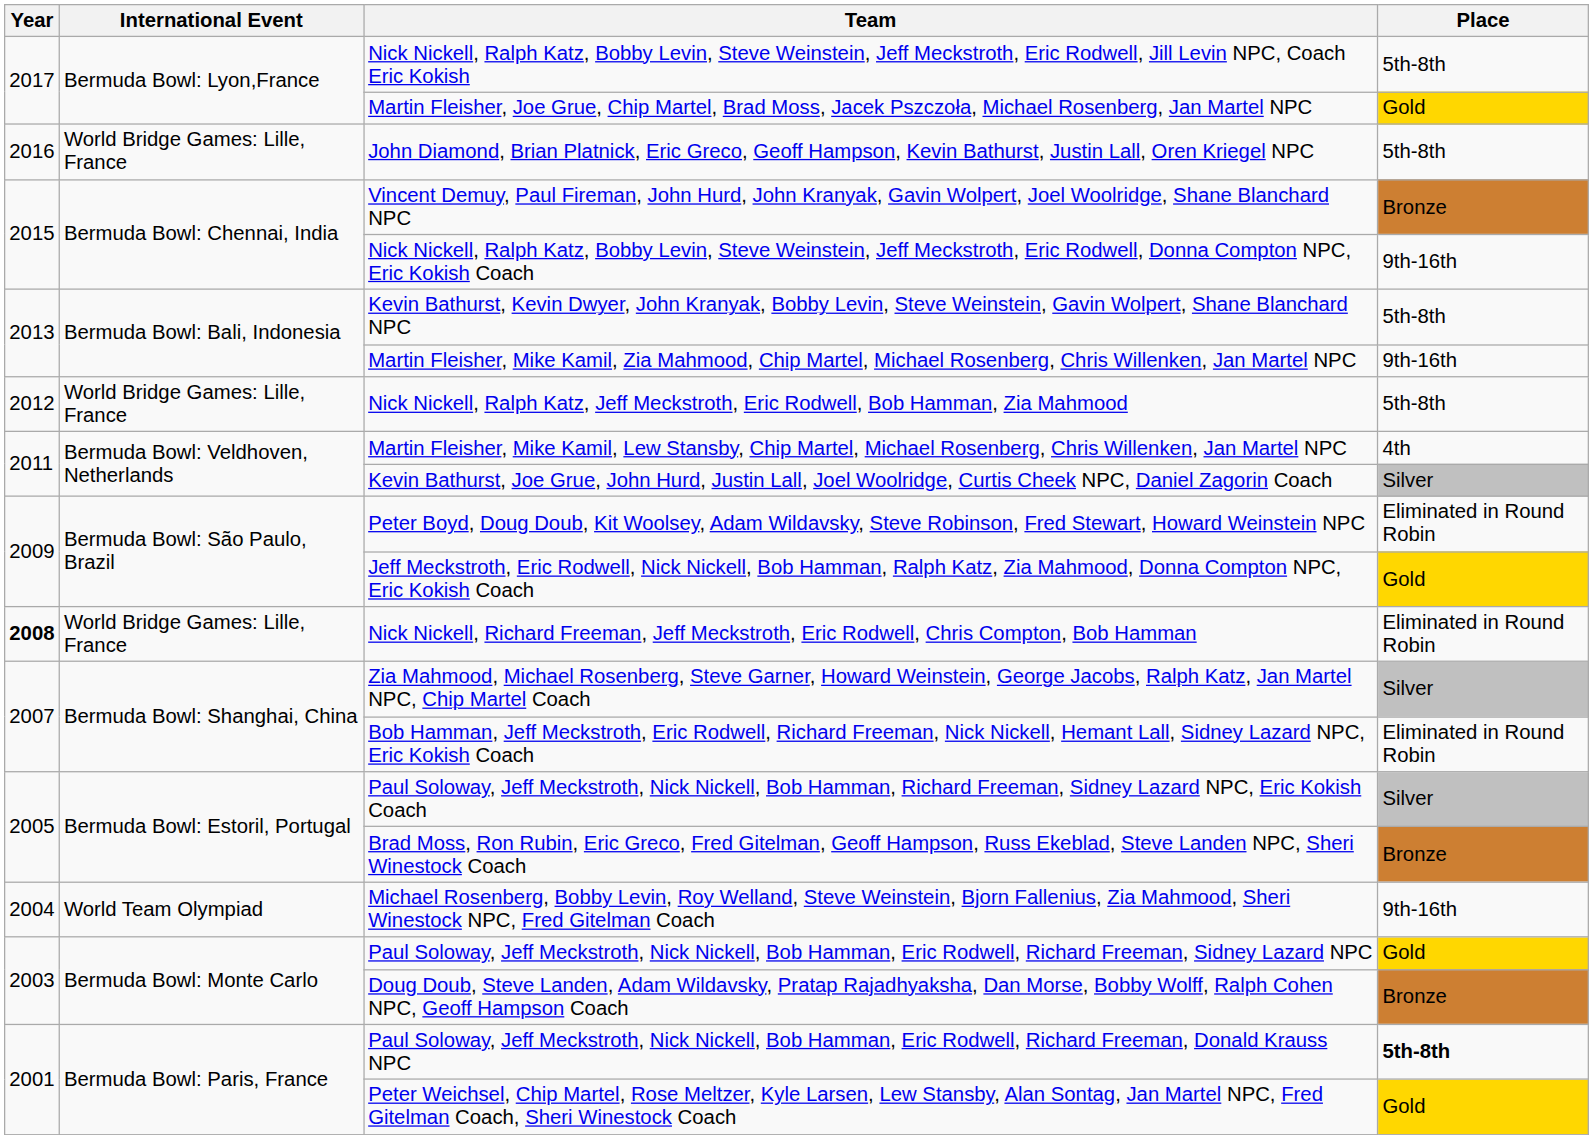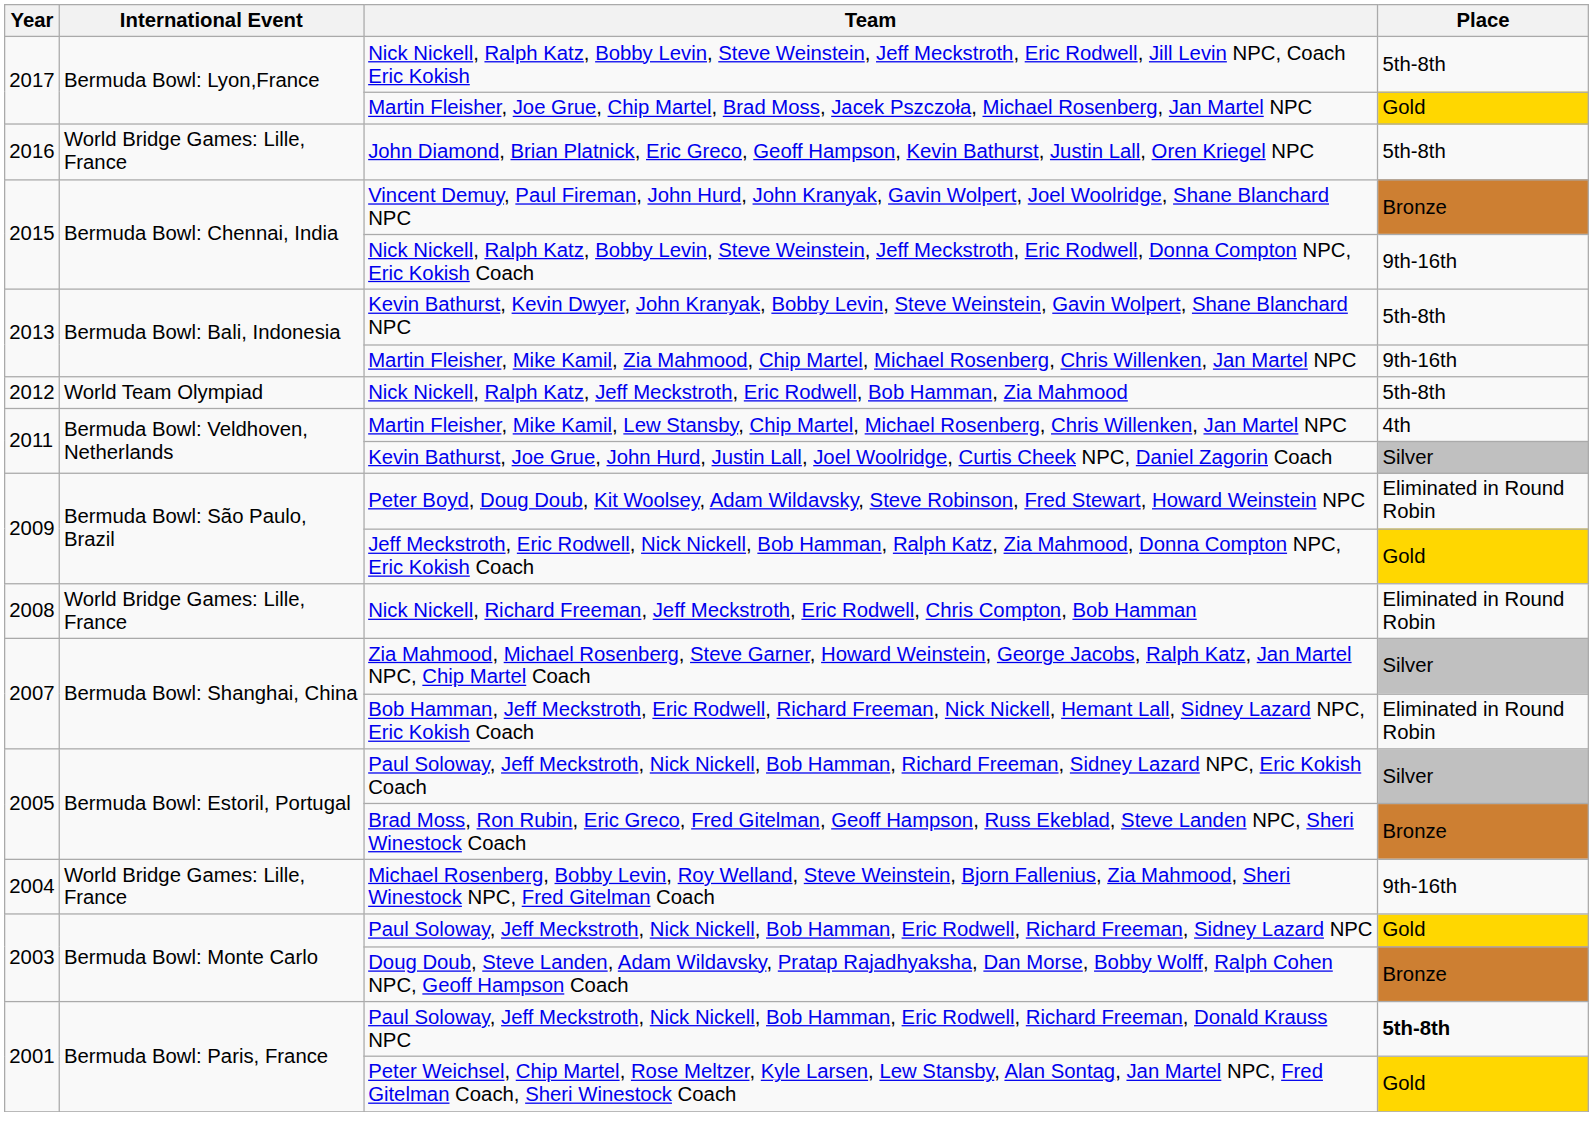 <table class=" sortable wikitable">
 <tr>
 <th>Year</th>
 <th>International Event</th>
 <th>Team</th>
 <th>Place</th>
 </tr>
 <tr>
 <td rowspan="2">2017</td>
 <td rowspan="2">Bermuda Bowl: Lyon,France</td>
 <td><a href='#'>Nick Nickell</a>, <a href='#'>Ralph Katz</a>, <a href='#'>Bobby Levin</a>, <a href='#'>Steve Weinstein</a>, <a href='#'>Jeff Meckstroth</a>, <a href='#'>Eric Rodwell</a>, <a href='#'>Jill Levin</a> NPC, Coach <a href='#'>Eric Kokish</a></td>
 <td>5th-8th </td>
 </tr>
 <tr>
 <td><a href='#'>Martin Fleisher</a>, <a href='#'>Joe Grue</a>, <a href='#'>Chip Martel</a>, <a href='#'>Brad Moss</a>, <a href='#'>Jacek Pszczoła</a>, <a href='#'>Michael Rosenberg</a>, <a href='#'>Jan Martel</a> NPC</td>
 <td style ='background:#FFD700'>Gold  </td>
 </tr>
 <tr>
 <td>2016</td>
 <td>World Bridge Games: Lille, France</td>
 <td><a href='#'>John Diamond</a>, <a href='#'>Brian Platnick</a>, <a href='#'>Eric Greco</a>, <a href='#'>Geoff Hampson</a>, <a href='#'>Kevin Bathurst</a>, <a href='#'>Justin Lall</a>, <a href='#'>Oren Kriegel</a> NPC</td>
 <td>5th-8th</td>
 </tr>
 <tr>
 <td rowspan="2">2015</td>
 <td rowspan="2">Bermuda Bowl: Chennai, India</td>
 <td><a href='#'>Vincent Demuy</a>, <a href='#'>Paul Fireman</a>, <a href='#'>John Hurd</a>, <a href='#'>John Kranyak</a>, <a href='#'>Gavin Wolpert</a>, <a href='#'>Joel Woolridge</a>, <a href='#'>Shane Blanchard</a> NPC</td>
 <td style = 'background:#CD7F32'>Bronze </td>
 </tr>
 <tr>
 <td><a href='#'>Nick Nickell</a>, <a href='#'>Ralph Katz</a>, <a href='#'>Bobby Levin</a>, <a href='#'>Steve Weinstein</a>, <a href='#'>Jeff Meckstroth</a>, <a href='#'>Eric Rodwell</a>, <a href='#'>Donna Compton</a> NPC, <a href='#'>Eric Kokish</a> Coach</td>
 <td>9th-16th</td>
 </tr>
 <tr>
 <td rowspan="2">2013</td>
 <td rowspan="2">Bermuda Bowl: Bali, Indonesia</td>
 <td><a href='#'>Kevin Bathurst</a>, <a href='#'>Kevin Dwyer</a>, <a href='#'>John Kranyak</a>, <a href='#'>Bobby Levin</a>, <a href='#'>Steve Weinstein</a>, <a href='#'>Gavin Wolpert</a>, <a href='#'>Shane Blanchard</a> NPC</td>
 <td>5th-8th</td>
 </tr>
 <tr>
 <td><a href='#'>Martin Fleisher</a>, <a href='#'>Mike Kamil</a>, <a href='#'>Zia Mahmood</a>, <a href='#'>Chip Martel</a>, <a href='#'>Michael Rosenberg</a>, <a href='#'>Chris Willenken</a>, <a href='#'>Jan Martel</a> NPC</td>
 <td>9th-16th</td>
 </tr>
 <tr>
 <td>2012</td>
-<td>World Bridge Games: Lille, France</td>
+<td>World Team Olympiad</td>
 <td><a href='#'>Nick Nickell</a>, <a href='#'>Ralph Katz</a>, <a href='#'>Jeff Meckstroth</a>, <a href='#'>Eric Rodwell</a>, <a href='#'>Bob Hamman</a>, <a href='#'>Zia Mahmood</a></td>
 <td>5th-8th</td>
 </tr>
 <tr>
 <td rowspan="2">2011</td>
 <td rowspan="2">Bermuda Bowl: Veldhoven, Netherlands </td>
 <td><a href='#'>Martin Fleisher</a>, <a href='#'>Mike Kamil</a>, <a href='#'>Lew Stansby</a>, <a href='#'>Chip Martel</a>, <a href='#'>Michael Rosenberg</a>, <a href='#'>Chris Willenken</a>, <a href='#'>Jan Martel</a> NPC</td>
 <td>4th</td>
 </tr>
 <tr>
 <td><a href='#'>Kevin Bathurst</a>, <a href='#'>Joe Grue</a>, <a href='#'>John Hurd</a>, <a href='#'>Justin Lall</a>, <a href='#'>Joel Woolridge</a>, <a href='#'>Curtis Cheek</a> NPC, <a href='#'>Daniel Zagorin</a> Coach</td>
 <td style = 'background:#C0C0C0'>Silver</td>
 </tr>
 <tr>
 <td rowspan="2">2009</td>
 <td rowspan="2">Bermuda Bowl: São Paulo, Brazil</td>
 <td><a href='#'>Peter Boyd</a>, <a href='#'>Doug Doub</a>, <a href='#'>Kit Woolsey</a>, <a href='#'>Adam Wildavsky</a>, <a href='#'>Steve Robinson</a>, <a href='#'>Fred Stewart</a>, <a href='#'>Howard Weinstein</a> NPC</td>
 <td>Eliminated in Round Robin </td>
 </tr>
 <tr>
 <td><a href='#'>Jeff Meckstroth</a>, <a href='#'>Eric Rodwell</a>, <a href='#'>Nick Nickell</a>, <a href='#'>Bob Hamman</a>, <a href='#'>Ralph Katz</a>, <a href='#'>Zia Mahmood</a>, <a href='#'>Donna Compton</a> NPC, <a href='#'>Eric Kokish</a> Coach</td>
 <td style ='background:#FFD700'>Gold  </td>
 </tr>
 <tr>
-<td><strong>2008</strong></td>
+<td>2008</td>
 <td>World Bridge Games: Lille, France</td>
 <td><a href='#'>Nick Nickell</a>, <a href='#'>Richard Freeman</a>, <a href='#'>Jeff Meckstroth</a>, <a href='#'>Eric Rodwell</a>, <a href='#'>Chris Compton</a>, <a href='#'>Bob Hamman</a></td>
 <td>Eliminated in Round Robin</td>
 </tr>
 <tr>
 <td rowspan="2">2007</td>
 <td rowspan="2">Bermuda Bowl: Shanghai, China</td>
 <td><a href='#'>Zia Mahmood</a>, <a href='#'>Michael Rosenberg</a>, <a href='#'>Steve Garner</a>, <a href='#'>Howard Weinstein</a>, <a href='#'>George Jacobs</a>, <a href='#'>Ralph Katz</a>, <a href='#'>Jan Martel</a> NPC, <a href='#'>Chip Martel</a> Coach</td>
 <td style = 'background:#C0C0C0'>Silver  </td>
 </tr>
 <tr>
 <td><a href='#'>Bob Hamman</a>, <a href='#'>Jeff Meckstroth</a>, <a href='#'>Eric Rodwell</a>, <a href='#'>Richard Freeman</a>, <a href='#'>Nick Nickell</a>, <a href='#'>Hemant Lall</a>, <a href='#'>Sidney Lazard</a> NPC, <a href='#'>Eric Kokish</a> Coach</td>
 <td>Eliminated in Round Robin </td>
 </tr>
 <tr>
 <td rowspan="2">2005</td>
 <td rowspan="2">Bermuda Bowl: Estoril, Portugal</td>
 <td><a href='#'>Paul Soloway</a>, <a href='#'>Jeff Meckstroth</a>, <a href='#'>Nick Nickell</a>, <a href='#'>Bob Hamman</a>, <a href='#'>Richard Freeman</a>, <a href='#'>Sidney Lazard</a> NPC, <a href='#'>Eric Kokish</a> Coach</td>
 <td style = 'background:#C0C0C0'>Silver  </td>
 </tr>
 <tr>
 <td><a href='#'>Brad Moss</a>, <a href='#'>Ron Rubin</a>, <a href='#'>Eric Greco</a>, <a href='#'>Fred Gitelman</a>, <a href='#'>Geoff Hampson</a>, <a href='#'>Russ Ekeblad</a>, <a href='#'>Steve Landen</a> NPC, <a href='#'>Sheri Winestock</a> Coach</td>
 <td style = 'background:#CD7F32'>Bronze  </td>
 </tr>
 <tr>
 <td>2004</td>
-<td>World Team Olympiad</td>
+<td>World Bridge Games: Lille, France</td>
 <td><a href='#'>Michael Rosenberg</a>, <a href='#'>Bobby Levin</a>, <a href='#'>Roy Welland</a>, <a href='#'>Steve Weinstein</a>, <a href='#'>Bjorn Fallenius</a>, <a href='#'>Zia Mahmood</a>, <a href='#'>Sheri Winestock</a> NPC, <a href='#'>Fred Gitelman</a> Coach </td>
 <td>9th-16th</td>
 </tr>
 <tr>
 <td rowspan="2">2003</td>
 <td rowspan="2">Bermuda Bowl: Monte Carlo</td>
 <td><a href='#'>Paul Soloway</a>, <a href='#'>Jeff Meckstroth</a>, <a href='#'>Nick Nickell</a>, <a href='#'>Bob Hamman</a>, <a href='#'>Eric Rodwell</a>, <a href='#'>Richard Freeman</a>, <a href='#'>Sidney Lazard</a> NPC</td>
 <td style ='background:#FFD700'>Gold  </td>
 </tr>
 <tr>
 <td><a href='#'>Doug Doub</a>, <a href='#'>Steve Landen</a>, <a href='#'>Adam Wildavsky</a>, <a href='#'>Pratap Rajadhyaksha</a>, <a href='#'>Dan Morse</a>, <a href='#'>Bobby Wolff</a>, <a href='#'>Ralph Cohen</a> NPC, <a href='#'>Geoff Hampson</a> Coach</td>
 <td style = 'background:#CD7F32'>Bronze </td>
 </tr>
 <tr>
 <td rowspan="2">2001</td>
 <td rowspan="2">Bermuda Bowl: Paris, France</td>
 <td><a href='#'>Paul Soloway</a>, <a href='#'>Jeff Meckstroth</a>, <a href='#'>Nick Nickell</a>, <a href='#'>Bob Hamman</a>, <a href='#'>Eric Rodwell</a>, <a href='#'>Richard Freeman</a>, <a href='#'>Donald Krauss</a> NPC</td>
 <td><strong>5th-8th</strong></td>
 </tr>
 <tr>
 <td><a href='#'>Peter Weichsel</a>, <a href='#'>Chip Martel</a>, <a href='#'>Rose Meltzer</a>, <a href='#'>Kyle Larsen</a>, <a href='#'>Lew Stansby</a>, <a href='#'>Alan Sontag</a>, <a href='#'>Jan Martel</a> NPC, <a href='#'>Fred Gitelman</a> Coach, <a href='#'>Sheri Winestock</a> Coach</td>
 <td style ='background:#FFD700'>Gold  </td>
 </tr>
 <tr>
 </tr>
 </table>
